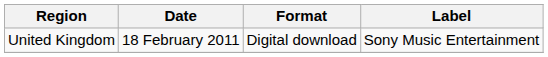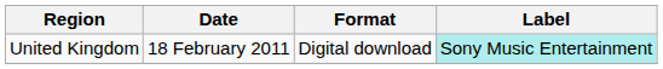 <table class=wikitable>
 <tr>
 <th>Region</th>
 <th>Date</th>
 <th>Format</th>
 <th>Label</th>
 </tr>
 <tr>
 <td>United Kingdom</td>
 <td>18 February 2011</td>
 <td>Digital download</td>
-<td>Sony Music Entertainment</td>
+<td style="background: paleturquoise;">Sony Music Entertainment</td>
 </tr>
 <tr>
 </tr>
 </table>
